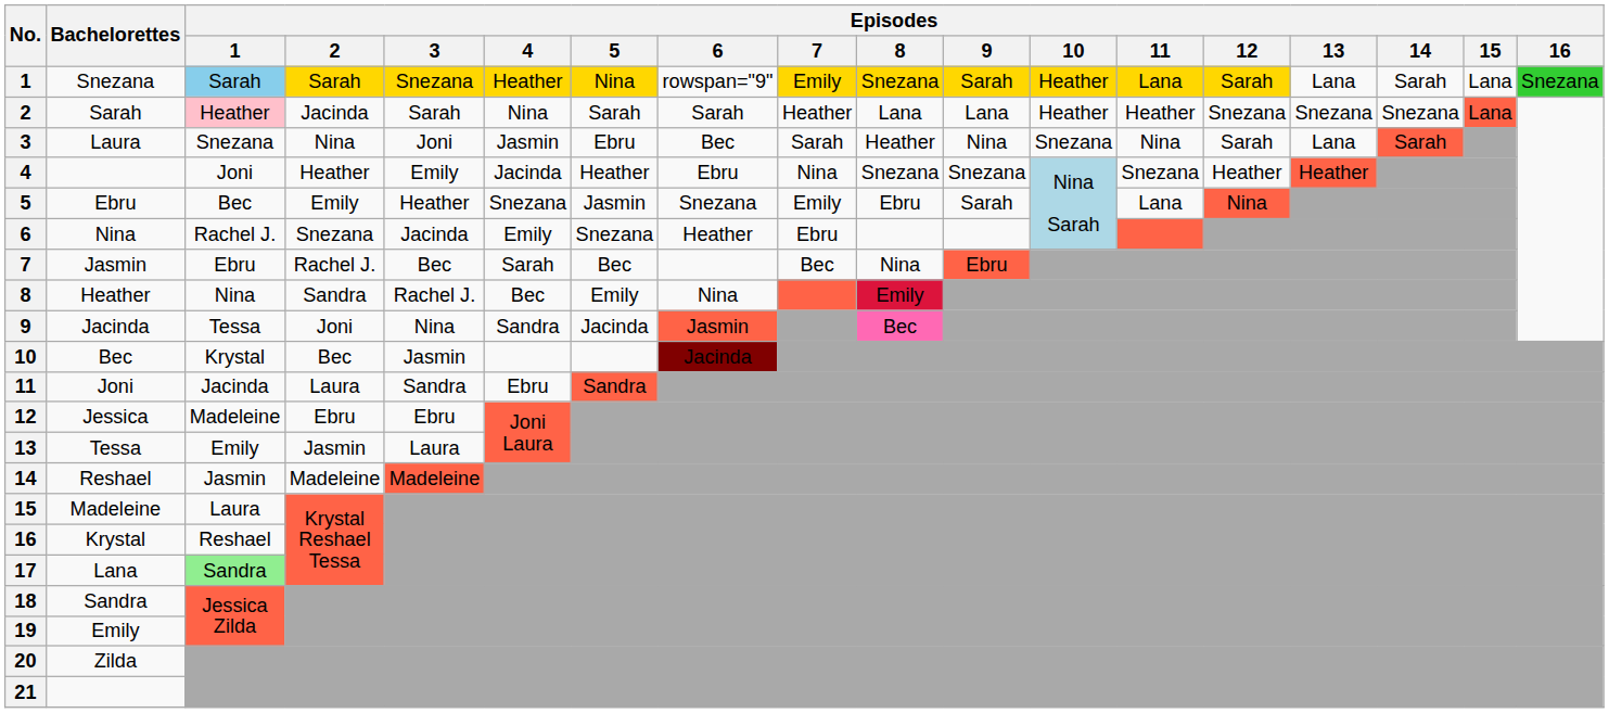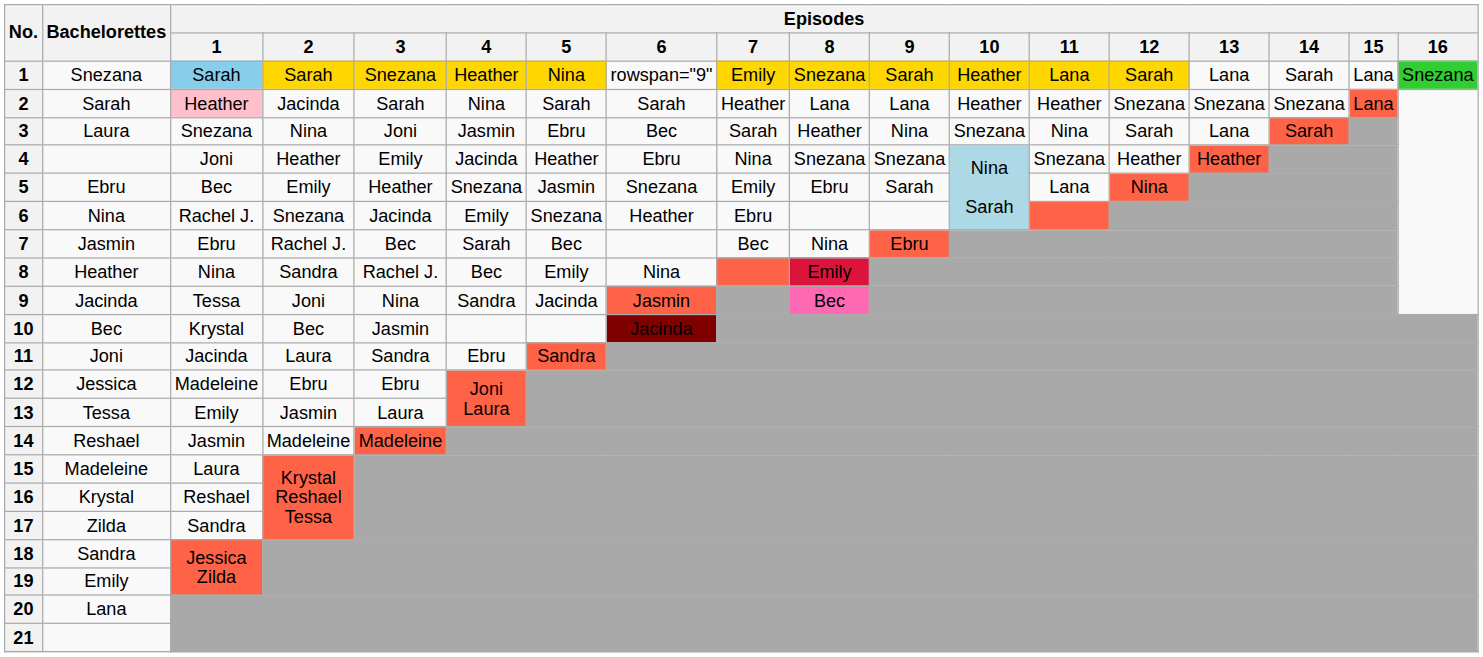 <table class="wikitable" style="text-align:center; font-size:92%">
 <tr>
 <th rowspan=2>No.</th>
 <th rowspan="2">Bachelorettes</th>
 <th colspan=16>Episodes</th>
 </tr>
 <tr>
 <th>1</th>
 <th>2</th>
 <th>3</th>
 <th>4</th>
 <th>5</th>
 <th>6</th>
 <th>7</th>
 <th>8</th>
 <th>9</th>
 <th>10</th>
 <th>11</th>
 <th>12</th>
 <th>13</th>
 <th>14</th>
 <th>15</th>
 <th>16</th>
 </tr>
 <tr>
 <th>1</th>
 <td>Snezana</td>
 <td bgcolor="skyblue">Sarah</td>
 <td bgcolor="gold">Sarah</td>
 <td bgcolor="gold">Snezana</td>
 <td bgcolor="gold">Heather</td>
 <td bgcolor="gold">Nina</td>
 <td>rowspan="9" </td>
 <td bgcolor="gold">Emily</td>
 <td bgcolor="gold">Snezana</td>
 <td bgcolor="gold">Sarah</td>
 <td bgcolor="gold">Heather</td>
 <td bgcolor="gold">Lana</td>
 <td bgcolor="gold">Sarah</td>
 <td>Lana</td>
 <td>Sarah</td>
 <td>Lana</td>
 <td bgcolor="limegreen">Snezana</td>
 </tr>
 <tr>
 <th>2</th>
 <td>Sarah</td>
 <td bgcolor="pink">Heather</td>
 <td>Jacinda</td>
 <td>Sarah</td>
 <td>Nina</td>
 <td>Sarah</td>
 <td>Sarah</td>
 <td>Heather</td>
 <td>Lana</td>
 <td>Lana</td>
 <td>Heather</td>
 <td>Heather</td>
 <td>Snezana</td>
 <td>Snezana</td>
 <td>Snezana</td>
 <td bgcolor="tomato">Lana</td>
 </tr>
 <tr>
 <th>3</th>
 <td>Laura</td>
 <td>Snezana</td>
 <td>Nina</td>
 <td>Joni</td>
 <td>Jasmin</td>
 <td>Ebru</td>
 <td>Bec</td>
 <td>Sarah</td>
 <td>Heather</td>
 <td>Nina</td>
 <td>Snezana</td>
 <td>Nina</td>
 <td>Sarah</td>
 <td>Lana</td>
 <td bgcolor="tomato">Sarah</td>
 <td bgcolor="A9A9A9" colspan="1"></td>
 </tr>
 <tr>
 <th>4</th>
 <td></td>
 <td>Joni</td>
 <td>Heather</td>
 <td>Emily</td>
 <td>Jacinda</td>
 <td>Heather</td>
 <td>Ebru</td>
 <td>Nina</td>
 <td>Snezana</td>
 <td>Snezana</td>
 <td bgcolor="lightblue" rowspan="3">Nina<br><br>Sarah</td>
 <td>Snezana</td>
 <td>Heather</td>
 <td bgcolor="tomato">Heather</td>
 <td bgcolor="A9A9A9" colspan="2"></td>
 </tr>
 <tr>
 <th>5</th>
 <td>Ebru</td>
 <td>Bec</td>
 <td>Emily</td>
 <td>Heather</td>
 <td>Snezana</td>
 <td>Jasmin</td>
 <td>Snezana</td>
 <td>Emily</td>
 <td>Ebru</td>
 <td>Sarah</td>
 <td>Lana</td>
 <td bgcolor="tomato">Nina</td>
 <td bgcolor="A9A9A9" colspan="3"></td>
 </tr>
 <tr>
 <th>6</th>
 <td>Nina</td>
 <td>Rachel J.</td>
 <td>Snezana</td>
 <td>Jacinda</td>
 <td>Emily</td>
 <td>Snezana</td>
 <td>Heather</td>
 <td>Ebru</td>
 <td></td>
 <td></td>
 <td bgcolor="tomato"></td>
 <td bgcolor="A9A9A9" colspan="4"></td>
 </tr>
 <tr>
 <th>7</th>
 <td>Jasmin</td>
 <td>Ebru</td>
 <td>Rachel J.</td>
 <td>Bec</td>
 <td>Sarah</td>
 <td>Bec</td>
 <td></td>
 <td>Bec</td>
 <td>Nina</td>
 <td bgcolor="tomato">Ebru</td>
 <td bgcolor="A9A9A9" colspan="6"></td>
 </tr>
 <tr>
 <th>8</th>
 <td>Heather</td>
 <td>Nina</td>
 <td>Sandra</td>
 <td>Rachel J.</td>
 <td>Bec</td>
 <td>Emily</td>
 <td>Nina</td>
 <td bgcolor="tomato"></td>
 <td style="background:crimson;"><span>Emily</span></td>
 <td bgcolor="A9A9A9" colspan="7"></td>
 </tr>
 <tr>
 <th>9</th>
 <td>Jacinda</td>
 <td>Tessa</td>
 <td>Joni</td>
 <td>Nina</td>
 <td>Sandra</td>
 <td>Jacinda</td>
 <td bgcolor="tomato">Jasmin</td>
 <td bgcolor="A9A9A9" colspan="1"></td>
 <td bgcolor="hotpink">Bec</td>
 <td bgcolor="A9A9A9" colspan="7"></td>
 </tr>
 <tr>
 <th>10</th>
 <td>Bec</td>
 <td>Krystal</td>
 <td>Bec</td>
 <td>Jasmin</td>
 <td></td>
 <td></td>
 <td style="background:maroon;"><span>Jacinda</span></td>
 <td bgcolor="A9A9A9" colspan="10"></td>
 </tr>
 <tr>
 <th>11</th>
 <td>Joni</td>
 <td>Jacinda</td>
 <td>Laura</td>
 <td>Sandra</td>
 <td>Ebru</td>
 <td bgcolor="tomato">Sandra</td>
 <td bgcolor="A9A9A9" colspan="11"></td>
 </tr>
 <tr>
 <th>12</th>
 <td>Jessica</td>
 <td>Madeleine</td>
 <td>Ebru</td>
 <td>Ebru</td>
 <td bgcolor="tomato" rowspan="2">Joni<br>Laura</td>
 <td bgcolor="A9A9A9" colspan="12" rowspan="2"></td>
 </tr>
 <tr>
 <th>13</th>
 <td>Tessa</td>
 <td>Emily</td>
 <td>Jasmin</td>
 <td>Laura</td>
 </tr>
 <tr>
 <th>14</th>
 <td>Reshael</td>
 <td>Jasmin</td>
 <td>Madeleine</td>
 <td bgcolor="tomato">Madeleine</td>
 <td bgcolor="A9A9A9" colspan="13"></td>
 </tr>
 <tr>
 <th>15</th>
 <td>Madeleine</td>
 <td>Laura</td>
 <td bgcolor="tomato" rowspan="3">Krystal<br>Reshael<br>Tessa</td>
 <td bgcolor="A9A9A9" colspan="14" rowspan="3"></td>
 </tr>
 <tr>
 <th>16</th>
 <td>Krystal</td>
 <td>Reshael</td>
 </tr>
 <tr>
 <th>17</th>
-<td>Lana</td>
-<td style="background: lightgreen;">Sandra</td>
+<td>Zilda</td>
+<td>Sandra</td>
 </tr>
 <tr>
 <th>18</th>
 <td>Sandra</td>
 <td bgcolor="tomato" rowspan="2">Jessica<br>Zilda</td>
 <td bgcolor="A9A9A9" colspan="15" rowspan="2"></td>
 </tr>
 <tr>
 <th>19</th>
 <td>Emily</td>
 </tr>
 <tr>
 <th>20</th>
-<td>Zilda</td>
+<td>Lana</td>
 <td bgcolor="darkgray" colspan="16" rowspan="2"></td>
 </tr>
 <tr>
 <th>21</th>
 <td></td>
 </tr>
 <tr>
 </tr>
 </table>
